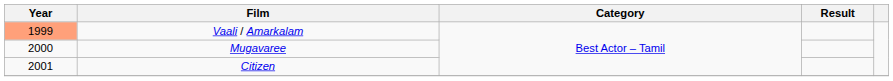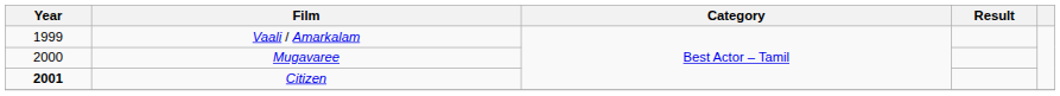 <table class="wikitable sortable" style="width:100%;">
 <tr>
 <th style="width:5%;">Year</th>
 <th style="width:25%;">Film</th>
 <th style="width:25%;">Category</th>
 <th style="width:5%;">Result</th>
 <th style="width:1%;" class="unsortable"></th>
 </tr>
 <tr>
-<td style="background: lightsalmon; text-align:center;">1999</td>
+<td style="text-align:center;">1999</td>
 <td style="text-align:center;"><em><a href='#'>Vaali</a></em> / <em><a href='#'>Amarkalam</a></em></td>
 <td style="text-align:center;" rowspan="3"><a href='#'>Best Actor – Tamil</a></td>
 <td></td>
 <td rowspan="3"></td>
 </tr>
 <tr>
 <td style="text-align:center;">2000</td>
 <td style="text-align:center;"><em><a href='#'>Mugavaree</a></em></td>
 <td></td>
 </tr>
 <tr>
-<td style="text-align:center;">2001</td>
+<td style="text-align:center;"><strong>2001</strong></td>
 <td style="text-align:center;"><em><a href='#'>Citizen</a></em></td>
 <td></td>
 </tr>
 <tr>
 </tr>
 </table>
